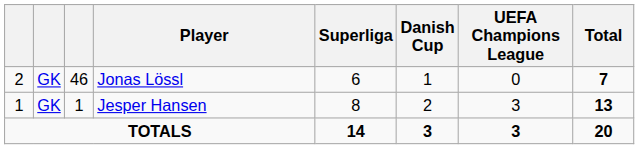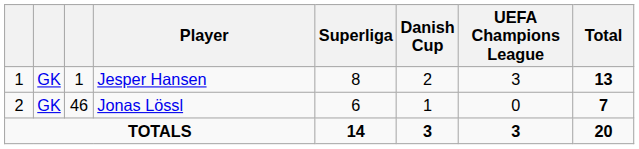 <table class="wikitable sortable" style="font-size: 95%; text-align: center;">
 <tr>
 <th width=20></th>
 <th width=20></th>
 <th width=20></th>
 <th width=200>Player</th>
 <th width=50>Superliga</th>
 <th width=50>Danish Cup</th>
 <th width=100>UEFA Champions League</th>
 <th width=50>Total</th>
 </tr>
 <tr>
+<td rowspan=1>1</td>
+<td><a href='#'>GK</a></td>
+<td>1</td>
+<td align=left> <a href='#'>Jesper Hansen</a></td>
+<td>8</td>
+<td>2</td>
+<td>3</td>
+<td><strong>13</strong></td>
+</tr>
+<tr>
 <td rowspan=1>2</td>
 <td><a href='#'>GK</a></td>
 <td>46</td>
 <td align=left> <a href='#'>Jonas Lössl</a></td>
 <td>6</td>
 <td>1</td>
 <td>0</td>
 <td><strong>7</strong></td>
 </tr>
 <tr>
-<td rowspan=1>1</td>
-<td><a href='#'>GK</a></td>
-<td>1</td>
-<td align=left> <a href='#'>Jesper Hansen</a></td>
-<td>8</td>
-<td>2</td>
-<td>3</td>
-<td><strong>13</strong></td>
-</tr>
-<tr>
 <td colspan="4"><strong>TOTALS</strong></td>
 <td><strong>14</strong></td>
 <td><strong>3</strong></td>
 <td><strong>3</strong></td>
 <td><strong>20</strong></td>
 </tr>
 </table>
